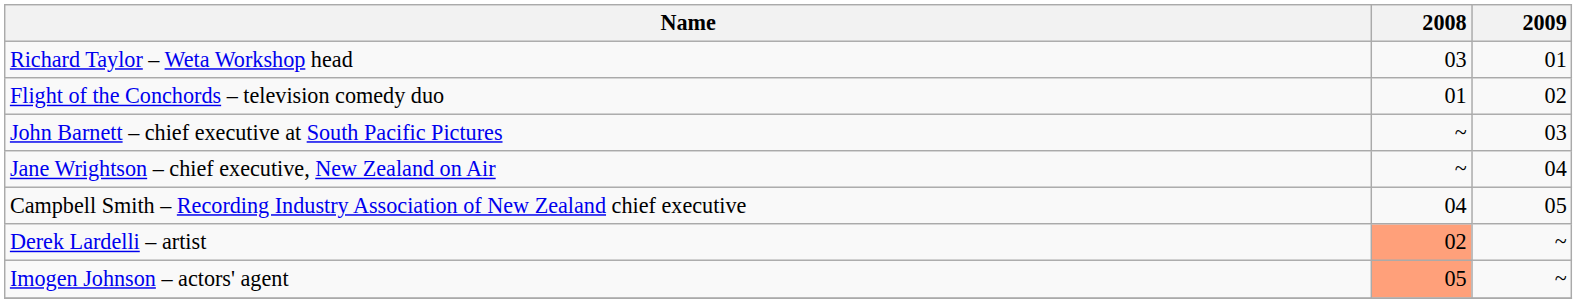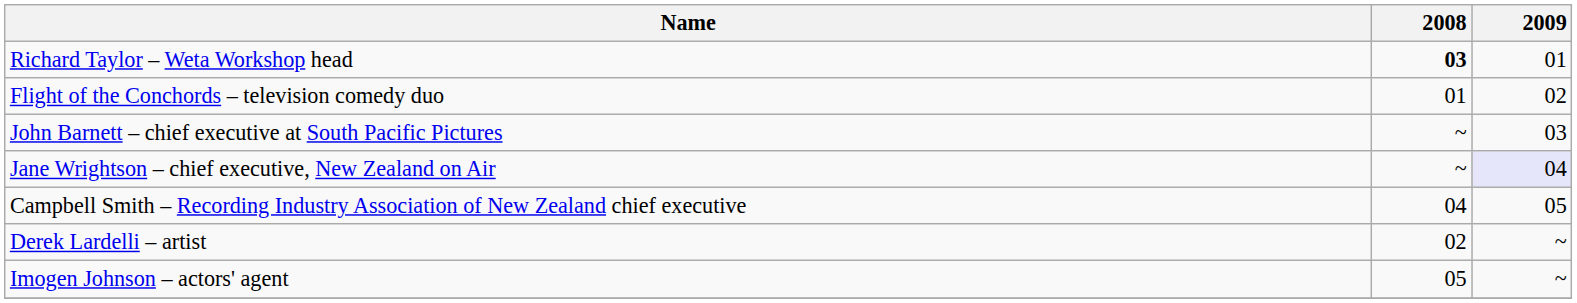 <table class="wikitable sortable" width="85%" style="font-size:95%;">
 <tr>
 <th>Name</th>
 <th style="text-align: right;">2008</th>
 <th style="text-align: right;">2009</th>
 </tr>
 <tr>
 <td><a href='#'>Richard Taylor</a> – <a href='#'>Weta Workshop</a> head</td>
-<td style="text-align: right;">03</td>
+<td style="text-align: right;"><strong>03</strong></td>
 <td style="text-align: right;">01</td>
 </tr>
 <tr>
 <td><a href='#'>Flight of the Conchords</a> – television comedy duo</td>
 <td style="text-align: right;">01</td>
 <td style="text-align: right;">02</td>
 </tr>
 <tr>
 <td><a href='#'>John Barnett</a> – chief executive at <a href='#'>South Pacific Pictures</a></td>
 <td style="text-align: right;">~</td>
 <td style="text-align: right;">03</td>
 </tr>
 <tr>
 <td><a href='#'>Jane Wrightson</a> – chief executive, <a href='#'>New Zealand on Air</a></td>
 <td style="text-align: right;">~</td>
-<td style="text-align: right;">04</td>
+<td style="background: lavender; text-align: right;">04</td>
 </tr>
 <tr>
 <td>Campbell Smith – <a href='#'>Recording Industry Association of New Zealand</a> chief executive</td>
 <td style="text-align: right;">04</td>
 <td style="text-align: right;">05</td>
 </tr>
 <tr>
 <td><a href='#'>Derek Lardelli</a> – artist</td>
-<td style="background: lightsalmon; text-align: right;">02</td>
+<td style="text-align: right;">02</td>
 <td style="text-align: right;">~</td>
 </tr>
 <tr>
 <td><a href='#'>Imogen Johnson</a> – actors' agent</td>
-<td style="background: lightsalmon; text-align: right;">05</td>
+<td style="text-align: right;">05</td>
 <td style="text-align: right;">~</td>
 </tr>
 <tr>
 </tr>
 </table>
